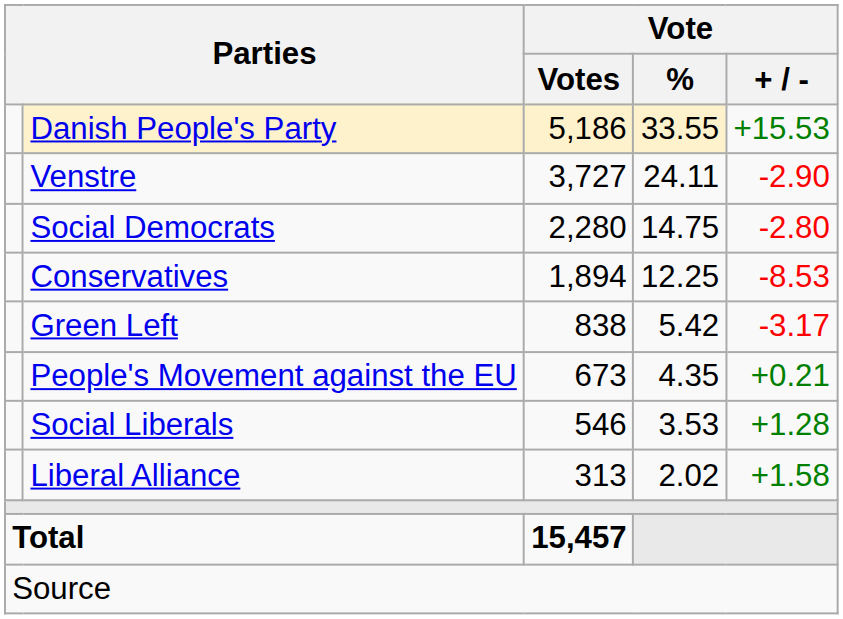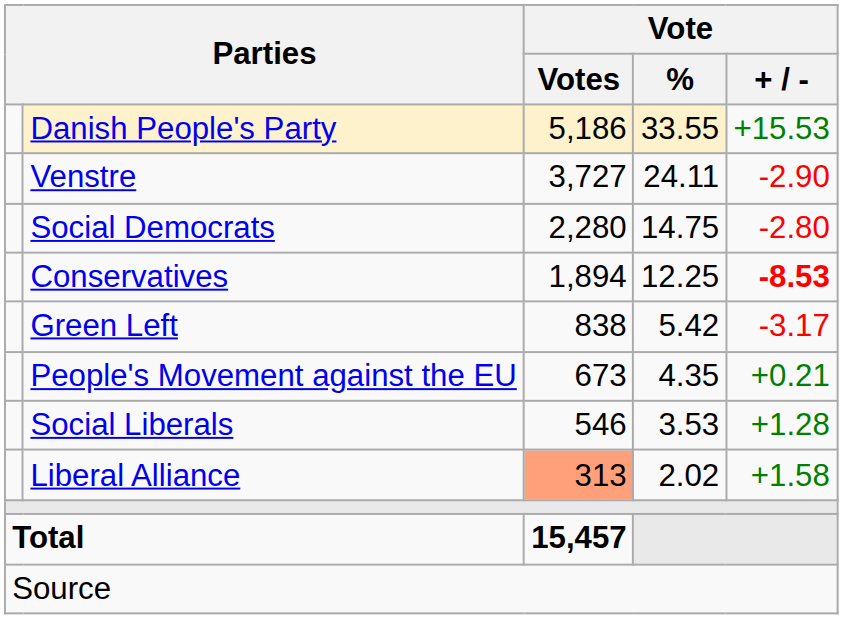 <table class="wikitable" style="text-align:right;">
 <tr>
 <th style="text-align:centre;" rowspan="2" colspan="2" width="225">Parties</th>
 <th colspan="3">Vote</th>
 </tr>
 <tr>
 <th width="15">Votes</th>
 <th width="15">%</th>
 <th width="15">+ / -</th>
 </tr>
 <tr>
 <td width="2" style="color:inherit;background:"></td>
 <td bgcolor=#fef2cc   align="left"><a href='#'>Danish People's Party</a></td>
 <td bgcolor=#fef2cc>5,186</td>
 <td bgcolor=#fef2cc>33.55</td>
 <td style=color:green;>+15.53</td>
 </tr>
 <tr>
 <td width="2" style="color:inherit;background:"></td>
 <td align="left"><a href='#'>Venstre</a></td>
 <td>3,727</td>
 <td>24.11</td>
 <td style=color:red;>-2.90</td>
 </tr>
 <tr>
 <td width="2" style="color:inherit;background:"></td>
 <td align="left"><a href='#'>Social Democrats</a></td>
 <td>2,280</td>
 <td>14.75</td>
 <td style=color:red;>-2.80</td>
 </tr>
 <tr>
 <td width="2" style="color:inherit;background:"></td>
 <td align="left"><a href='#'>Conservatives</a></td>
 <td>1,894</td>
 <td>12.25</td>
-<td style=color:red;>-8.53</td>
+<td style=color:red;><strong>-8.53</strong></td>
 </tr>
 <tr>
 <td width="2" style="color:inherit;background:"></td>
 <td align="left"><a href='#'>Green Left</a></td>
 <td>838</td>
 <td>5.42</td>
 <td style=color:red;>-3.17</td>
 </tr>
 <tr>
 <td width="2" style="color:inherit;background:"></td>
 <td align="left"><a href='#'>People's Movement against the EU</a></td>
 <td>673</td>
 <td>4.35</td>
 <td style=color:green;>+0.21</td>
 </tr>
 <tr>
 <td width="2" style="color:inherit;background:"></td>
 <td align="left"><a href='#'>Social Liberals</a></td>
 <td>546</td>
 <td>3.53</td>
 <td style=color:green;>+1.28</td>
 </tr>
 <tr>
 <td width="2" style="color:inherit;background:"></td>
 <td align="left"><a href='#'>Liberal Alliance</a></td>
-<td>313</td>
+<td style="background: lightsalmon;">313</td>
 <td>2.02</td>
 <td style=color:green;>+1.58</td>
 </tr>
 <tr>
 <td colspan="7" bgcolor="#E9E9E9"></td>
 </tr>
 <tr>
 <td align="left" colspan="2"><strong>Total</strong></td>
 <td><strong>15,457</strong></td>
 <td bgcolor="#E9E9E9" colspan="2"></td>
 </tr>
 <tr>
 <td align="left" colspan="6">Source</td>
 </tr>
 </table>
